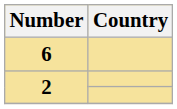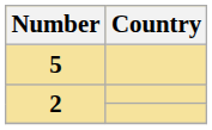 <table class="wikitable" rowspan=2 style="text-align: center; background: #f6e39c">
 <tr>
 <th scope="col" style="width:55px;">Number</th>
 <th scope="col" style="text-align:center;">Country</th>
 </tr>
 <tr>
-<td><strong>6</strong></td>
+<td><strong>5</strong></td>
 <td></td>
 </tr>
 <tr>
 <td rowspan="2"><strong>2</strong></td>
 <td></td>
 </tr>
 <tr>
 <td></td>
 </tr>
 <tr>
 </tr>
 </table>
